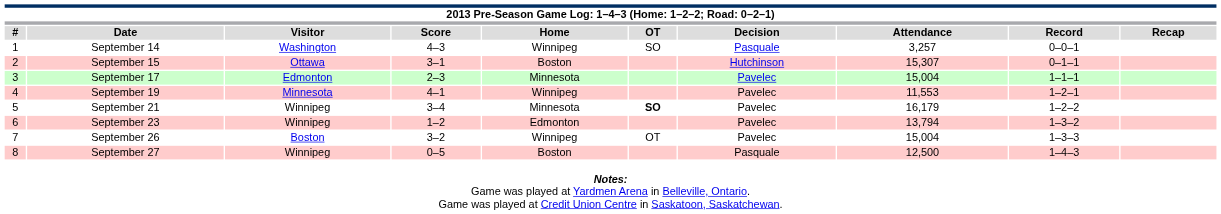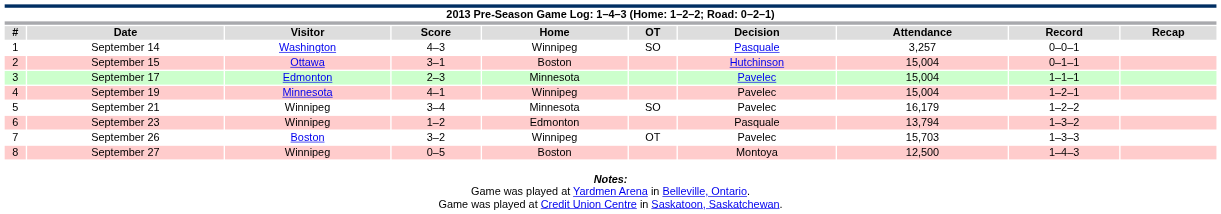 <table class="toccolours collapsible collapsed"  style="width:90%; clear:both; margin:1.5em auto; text-align:center;">
 <tr>
 <th colspan=10 style="background:#fff; border-top:#002e62 5px solid; border-bottom:#a8a9ad 5px solid;">2013 Pre-Season Game Log: 1–4–3 (Home: 1–2–2; Road: 0–2–1)</th>
 </tr>
 <tr style="text-align:center; background:#ddd;">
 <th>#</th>
 <th>Date</th>
 <th>Visitor</th>
 <th>Score</th>
 <th>Home</th>
 <th>OT</th>
 <th>Decision</th>
 <th>Attendance</th>
 <th>Record</th>
 <th>Recap</th>
 </tr>
 <tr style="text-align:center; background:#fff;">
 <td>1</td>
 <td>September 14</td>
 <td><a href='#'>Washington</a></td>
 <td>4–3</td>
 <td>Winnipeg</td>
 <td>SO</td>
 <td><a href='#'>Pasquale</a></td>
 <td>3,257</td>
 <td>0–0–1</td>
 <td></td>
 </tr>
 <tr style="text-align:center; background:#fcc;">
 <td>2</td>
 <td>September 15</td>
 <td><a href='#'>Ottawa</a></td>
 <td>3–1</td>
 <td>Boston</td>
 <td></td>
 <td><a href='#'>Hutchinson</a></td>
-<td>15,307</td>
+<td>15,004</td>
 <td>0–1–1</td>
 <td></td>
 </tr>
 <tr style="text-align:center; background:#cfc;">
 <td>3</td>
 <td>September 17</td>
 <td><a href='#'>Edmonton</a></td>
 <td>2–3</td>
 <td>Minnesota</td>
 <td></td>
 <td><a href='#'>Pavelec</a></td>
 <td>15,004</td>
 <td>1–1–1</td>
 <td></td>
 </tr>
 <tr style="text-align:center; background:#fcc;">
 <td>4</td>
 <td>September 19</td>
 <td><a href='#'>Minnesota</a></td>
 <td>4–1</td>
 <td>Winnipeg</td>
 <td></td>
 <td>Pavelec</td>
-<td>11,553</td>
+<td>15,004</td>
 <td>1–2–1</td>
 <td></td>
 </tr>
 <tr style="text-align:center; background:#fff;">
 <td>5</td>
 <td>September 21</td>
 <td>Winnipeg</td>
 <td>3–4</td>
 <td>Minnesota</td>
-<td><strong>SO</strong></td>
+<td>SO</td>
 <td>Pavelec</td>
 <td>16,179</td>
 <td>1–2–2</td>
 <td></td>
 </tr>
 <tr style="text-align:center; background:#fcc;">
 <td>6</td>
 <td>September 23</td>
 <td>Winnipeg</td>
 <td>1–2</td>
 <td>Edmonton</td>
 <td></td>
-<td>Pavelec</td>
+<td>Pasquale</td>
 <td>13,794</td>
 <td>1–3–2</td>
 <td></td>
 </tr>
 <tr style="text-align:center; background:#fff;">
 <td>7</td>
 <td>September 26</td>
 <td><a href='#'>Boston</a></td>
 <td>3–2</td>
 <td>Winnipeg</td>
 <td>OT</td>
 <td>Pavelec</td>
-<td>15,004</td>
+<td>15,703</td>
 <td>1–3–3</td>
 <td></td>
 </tr>
 <tr style="text-align:center; background:#fcc;">
 <td>8</td>
 <td>September 27</td>
 <td>Winnipeg</td>
 <td>0–5</td>
 <td>Boston</td>
 <td></td>
-<td>Pasquale</td>
+<td>Montoya</td>
 <td>12,500</td>
 <td>1–4–3</td>
 <td></td>
 </tr>
 <tr>
 <td colspan="10" style="text-align:center;"><br><strong><em>Notes:</em></strong><br> Game was played at <a href='#'>Yardmen Arena</a> in <a href='#'>Belleville, Ontario</a>.<br> Game was played at <a href='#'>Credit Union Centre</a> in <a href='#'>Saskatoon, Saskatchewan</a>.</td>
 </tr>
 </table>
